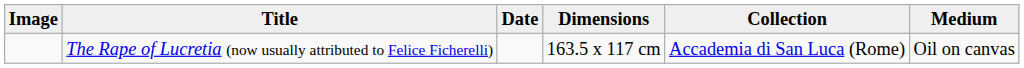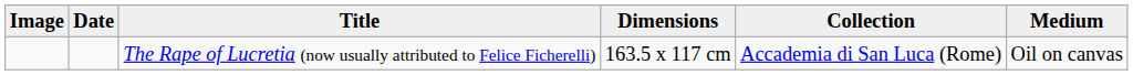 <table class="sortable wikitable">
 <tr>
 <th style="background:#efefef;">Image</th>
+<th style="background:#efefef;">Date</th>
 <th style="background:#efefef;">Title</th>
-<th style="background:#efefef;">Date</th>
 <th style="background:#efefef;">Dimensions</th>
 <th style="background:#efefef;">Collection</th>
 <th style="background:#efefef;">Medium</th>
 </tr>
 <tr>
 <td></td>
+<td></td>
 <td><a href='#'><em>The Rape of Lucretia</em></a> <small>(now usually attributed to <a href='#'>Felice Ficherelli</a>)</small></td>
-<td></td>
 <td>163.5 x 117 cm</td>
 <td><a href='#'>Accademia di San Luca</a> (Rome)</td>
 <td>Oil on canvas</td>
 </tr>
 </table>
